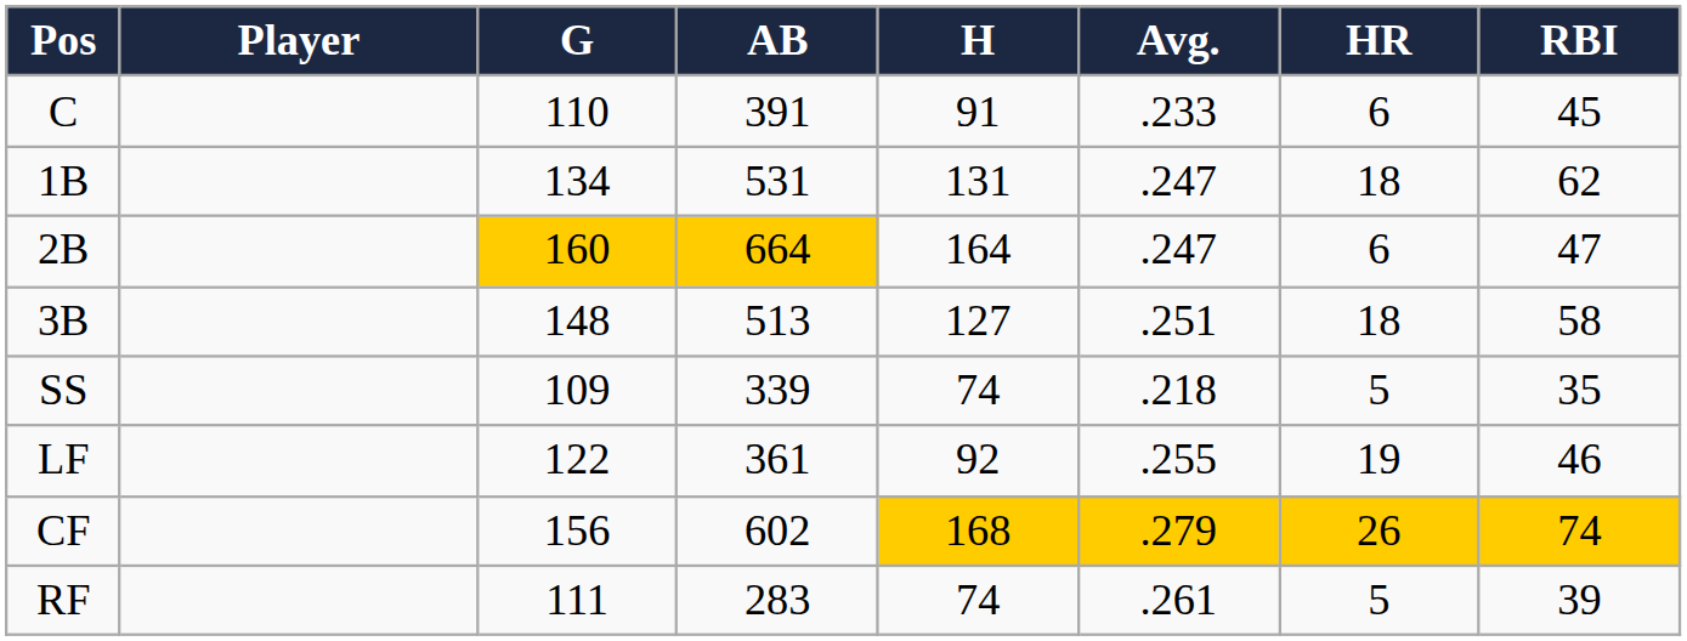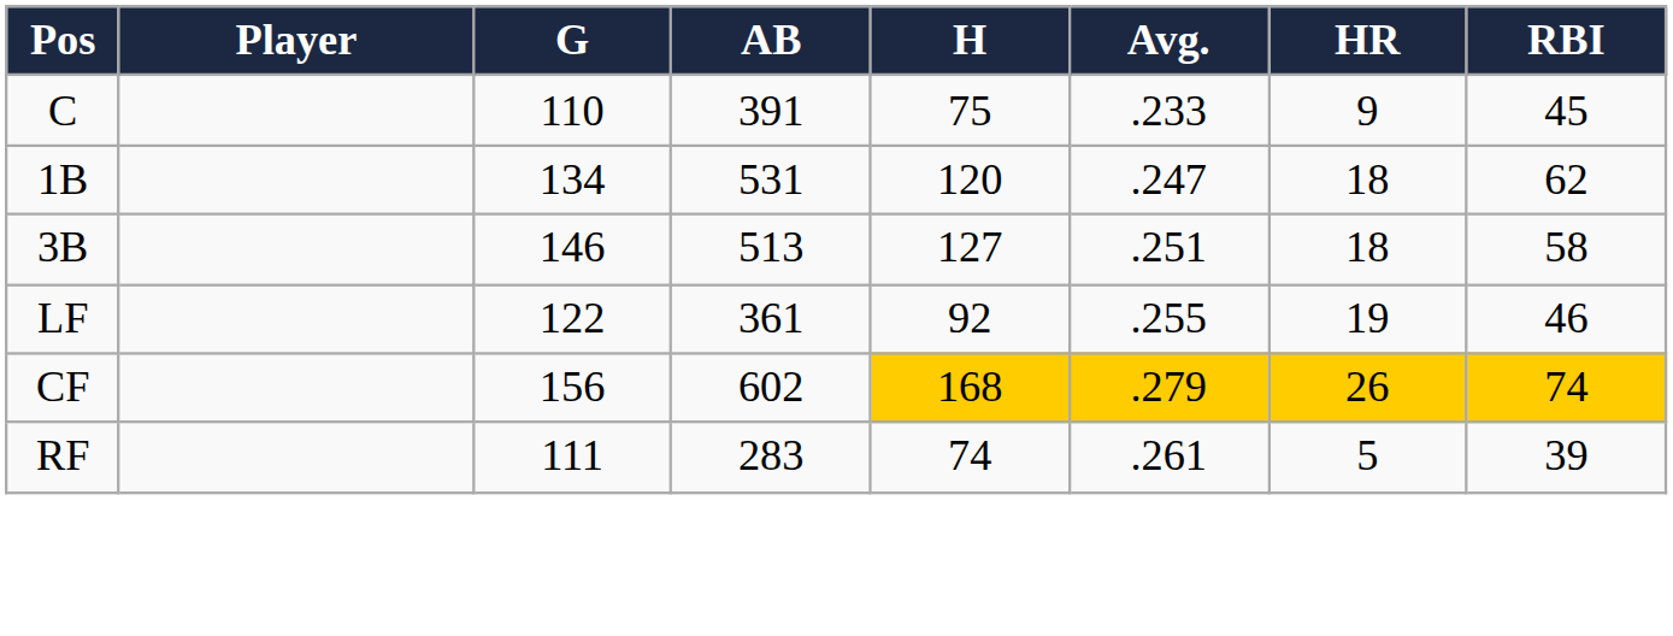 <table class="wikitable sortable">
 <tr>
 <th style="background:#1c2841; color:white; width:5%;">Pos</th>
 <th style="background:#1c2841; color:white; width:16%;">Player</th>
 <th style="background:#1c2841; color:white; width:9%;">G</th>
 <th style="background:#1c2841; color:white; width:9%;">AB</th>
 <th style="background:#1c2841; color:white; width:9%;">H</th>
 <th style="background:#1c2841; color:white; width:9%;">Avg.</th>
 <th style="background:#1c2841; color:white; width:9%;">HR</th>
 <th style="background:#1c2841; color:white; width:9%;">RBI</th>
 </tr>
 <tr style="text-align:center;">
 <td>C</td>
 <td></td>
 <td>110</td>
 <td>391</td>
-<td>91</td>
+<td>75</td>
 <td>.233</td>
-<td>6</td>
+<td>9</td>
 <td>45</td>
 </tr>
 <tr align="center">
 <td>1B</td>
 <td></td>
 <td>134</td>
 <td>531</td>
-<td>131</td>
+<td>120</td>
 <td>.247</td>
 <td>18</td>
 <td>62</td>
 </tr>
 <tr align="center">
-<td>2B</td>
-<td></td>
-<td style="background:#fc0;">160</td>
-<td style="background:#fc0;">664</td>
-<td>164</td>
-<td>.247</td>
-<td>6</td>
-<td>47</td>
-</tr>
-<tr align="center">
 <td>3B</td>
 <td></td>
-<td>148</td>
+<td>146</td>
 <td>513</td>
 <td>127</td>
 <td>.251</td>
 <td>18</td>
 <td>58</td>
-</tr>
-<tr align="center">
-<td>SS</td>
-<td></td>
-<td>109</td>
-<td>339</td>
-<td>74</td>
-<td>.218</td>
-<td>5</td>
-<td>35</td>
 </tr>
 <tr align="center">
 <td>LF</td>
 <td></td>
 <td>122</td>
 <td>361</td>
 <td>92</td>
 <td>.255</td>
 <td>19</td>
 <td>46</td>
 </tr>
 <tr align="center">
 <td>CF</td>
 <td></td>
 <td>156</td>
 <td>602</td>
 <td style="background:#fc0;">168</td>
 <td style="background:#fc0;">.279</td>
 <td style="background:#fc0;">26</td>
 <td style="background:#fc0;">74</td>
 </tr>
 <tr align="center">
 <td>RF</td>
 <td></td>
 <td>111</td>
 <td>283</td>
 <td>74</td>
 <td>.261</td>
 <td>5</td>
 <td>39</td>
 </tr>
 </table>
